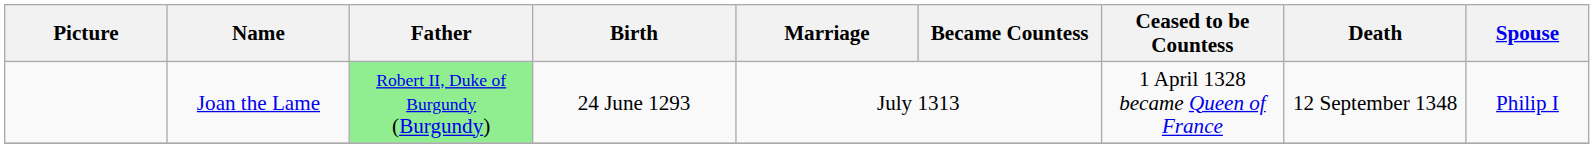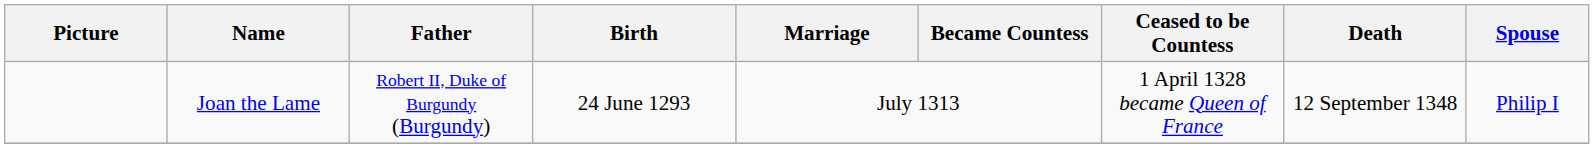 <table width=95% class="wikitable">
 <tr>
 <th width = "8%">Picture</th>
 <th width = "9%">Name</th>
 <th width = "9%">Father</th>
 <th width = "10%">Birth</th>
 <th width = "9%">Marriage</th>
 <th width = "9%">Became Countess</th>
 <th width = "9%">Ceased to be Countess</th>
 <th width = "9%">Death</th>
 <th width = "6%"><a href='#'>Spouse</a></th>
 </tr>
 <tr>
 <td align="center"></td>
 <td align="center"><a href='#'>Joan the Lame</a></td>
-<td align=center style="background: lightgreen;"><small><a href='#'>Robert II, Duke of Burgundy</a></small> <br>(<a href='#'>Burgundy</a>)</td>
+<td align=center><small><a href='#'>Robert II, Duke of Burgundy</a></small> <br>(<a href='#'>Burgundy</a>)</td>
 <td align="center">24 June 1293</td>
 <td align="center" colspan="2">July 1313</td>
 <td align="center">1 April 1328<br><em>became <a href='#'>Queen of France</a></em></td>
 <td align="center">12 September 1348</td>
 <td align="center"><a href='#'>Philip I</a></td>
 </tr>
 <tr>
 </tr>
 </table>
